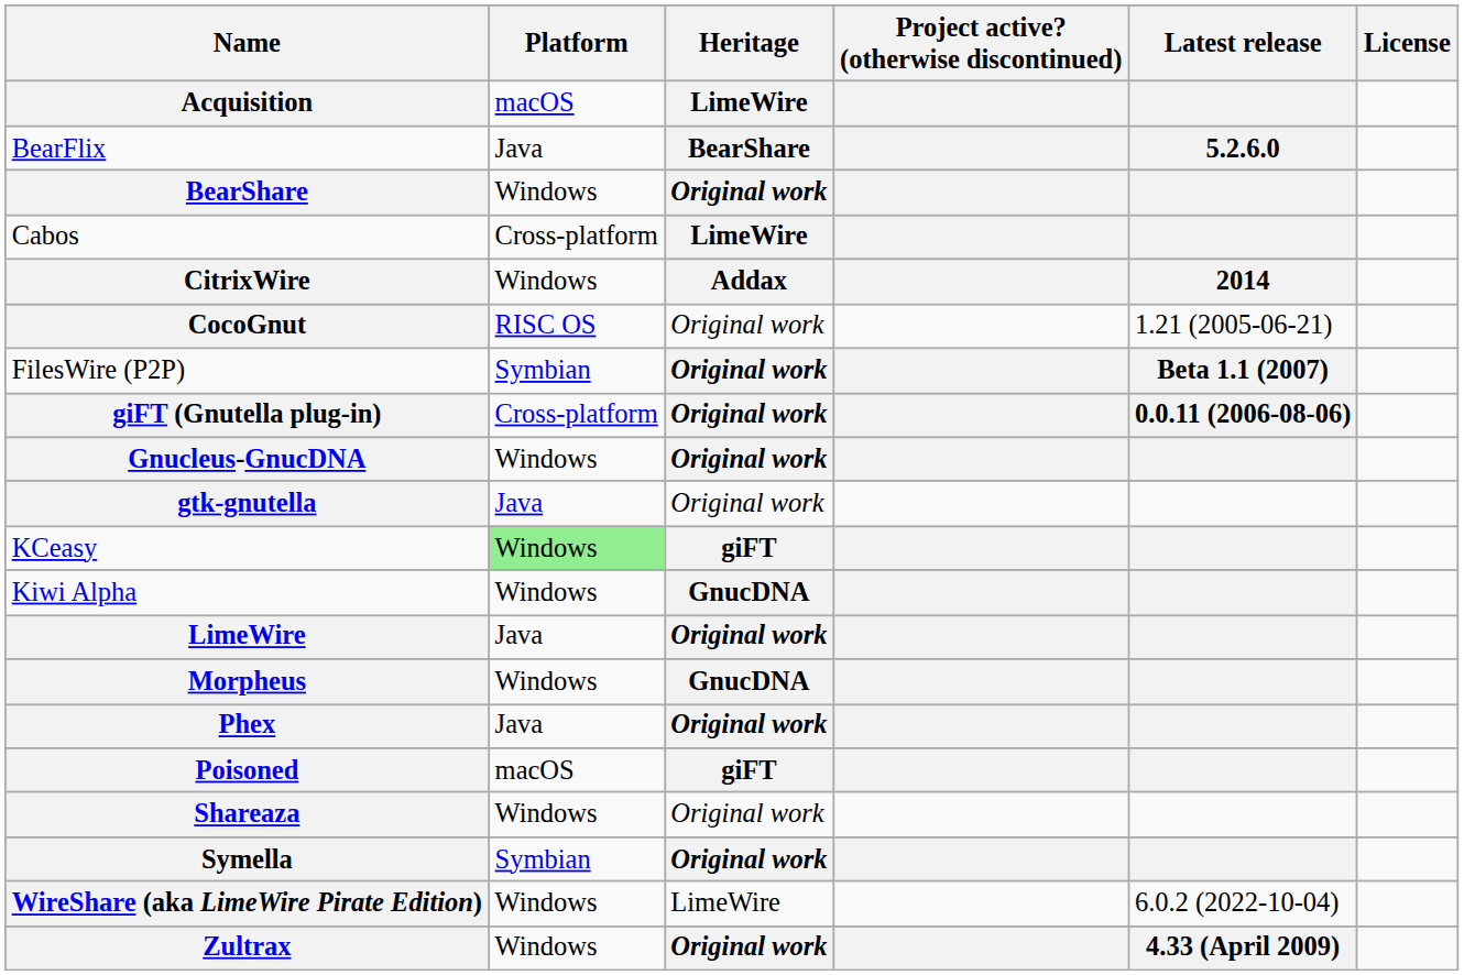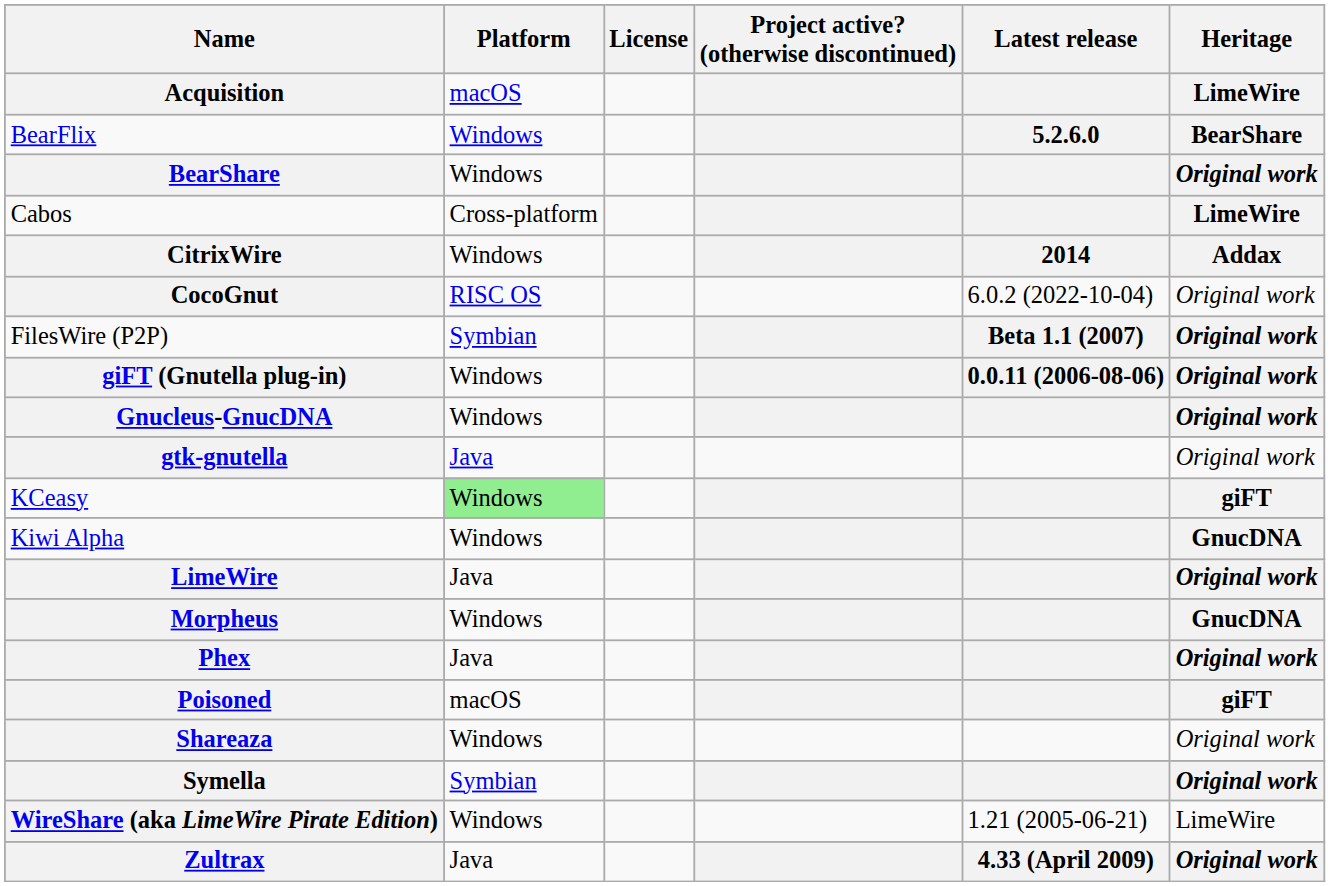 <table class="wikitable sortable plainrowheaders" style="font-size: 85%;">
 <tr>
 <th>Name</th>
 <th>Platform</th>
-<th>Heritage</th>
+<th>License</th>
 <th>Project active?<br>(otherwise discontinued)</th>
 <th>Latest release</th>
-<th>License</th>
+<th>Heritage</th>
 </tr>
 <tr>
 <th scope=row style="background:">Acquisition</th>
 <td><a href='#'>macOS</a></td>
-<th scope=row style="background:">LimeWire</th>
+<td></td>
 <th></th>
 <th scope=row style="background:"></th>
-<td></td>
+<th scope=row style="background:">LimeWire</th>
 </tr>
 <tr>
 <td scope=row style="background:"><a href='#'>BearFlix</a></td>
-<td>Java</td>
-<th scope=row style="background:">BearShare</th>
+<td><a href='#'>Windows</a></td>
+<td></td>
 <th></th>
 <th scope=row style="background:">5.2.6.0</th>
-<td></td>
+<th scope=row style="background:">BearShare</th>
 </tr>
 <tr>
 <th scope=row style="background:"><a href='#'>BearShare</a></th>
 <td>Windows</td>
-<th scope=row style="background:"><em>Original work</em></th>
+<td></td>
 <th></th>
 <th scope=row style="background:"></th>
-<td></td>
+<th scope=row style="background:"><em>Original work</em></th>
 </tr>
 <tr>
 <td scope=row style="background:">Cabos</td>
 <td>Cross-platform</td>
-<th scope=row style="background:">LimeWire</th>
+<td></td>
 <th></th>
 <th scope=row style="background:"></th>
-<td></td>
+<th scope=row style="background:">LimeWire</th>
 </tr>
 <tr>
 <th scope=row style="background:">CitrixWire</th>
 <td>Windows</td>
-<th scope=row style="background:">Addax</th>
+<td></td>
 <th></th>
 <th scope=row style="background:">2014</th>
-<td></td>
+<th scope=row style="background:">Addax</th>
 </tr>
 <tr>
 <th scope=row style="background:">CocoGnut</th>
 <td><a href='#'>RISC OS</a></td>
+<td></td>
+<td></td>
+<td>6.0.2 (2022-10-04)</td>
 <td scope=row style="background:"><em>Original work</em></td>
-<td></td>
-<td scope=row style="background:">1.21 (2005-06-21)</td>
-<td></td>
 </tr>
 <tr>
 <td scope=row style="background:">FilesWire (P2P)</td>
 <td><a href='#'>Symbian</a></td>
-<th scope=row style="background:"><em>Original work</em></th>
+<td></td>
 <th></th>
 <th scope=row style="background:">Beta 1.1 (2007)</th>
-<td></td>
+<th scope=row style="background:"><em>Original work</em></th>
 </tr>
 <tr>
 <th scope=row style="background:"><a href='#'>giFT</a> (Gnutella plug-in)</th>
-<td><a href='#'>Cross-platform</a></td>
-<th scope=row style="background:"><em>Original work</em></th>
+<td>Windows</td>
+<td></td>
 <th></th>
 <th scope=row style="background:">0.0.11 (2006-08-06) </th>
-<td></td>
+<th scope=row style="background:"><em>Original work</em></th>
 </tr>
 <tr>
 <th scope=row style="background:"><a href='#'>Gnucleus</a>-<a href='#'>GnucDNA</a></th>
 <td>Windows</td>
-<th scope=row style="background:"><em>Original work</em></th>
+<td></td>
 <th></th>
 <th scope=row style="background:"></th>
-<td></td>
+<th scope=row style="background:"><em>Original work</em></th>
 </tr>
 <tr>
 <th scope=row><a href='#'>gtk-gnutella</a></th>
 <td><a href='#'>Java</a></td>
-<td><em>Original work</em></td>
 <td></td>
 <td></td>
 <td></td>
+<td><em>Original work</em></td>
 </tr>
 <tr>
 <td scope=row style="background:"><a href='#'>KCeasy</a></td>
 <td style="background: lightgreen;">Windows</td>
-<th scope=row style="background:">giFT</th>
+<td></td>
 <th></th>
 <th scope=row style="background:"></th>
-<td></td>
+<th scope=row style="background:">giFT</th>
 </tr>
 <tr>
 <td scope=row style="background:"><a href='#'>Kiwi Alpha</a></td>
 <td>Windows</td>
-<th scope=row style="background:">GnucDNA</th>
+<td></td>
 <th></th>
 <th scope=row style="background:"></th>
-<td></td>
+<th scope=row style="background:">GnucDNA</th>
 </tr>
 <tr>
 <th scope=row style="background:"><a href='#'>LimeWire</a></th>
 <td>Java</td>
-<th scope=row style="background:"><em>Original work</em></th>
+<td></td>
 <th></th>
 <th scope=row style="background:"></th>
-<td></td>
+<th scope=row style="background:"><em>Original work</em></th>
 </tr>
 <tr>
 <th scope=row style="background:"><a href='#'>Morpheus</a></th>
 <td>Windows</td>
-<th scope=row style="background:">GnucDNA</th>
+<td></td>
 <th></th>
 <th scope=row style="background:"></th>
-<td></td>
+<th scope=row style="background:">GnucDNA</th>
 </tr>
 <tr>
 <th scope=row style="background:"><a href='#'>Phex</a></th>
 <td>Java</td>
-<th scope=row style="background:"><em>Original work</em></th>
+<td></td>
 <th></th>
 <th scope=row style="background:"></th>
-<td></td>
+<th scope=row style="background:"><em>Original work</em></th>
 </tr>
 <tr>
 <th scope=row style="background:"><a href='#'>Poisoned</a></th>
 <td>macOS</td>
-<th scope=row style="background:">giFT</th>
+<td></td>
 <th></th>
 <th scope=row style="background:"></th>
-<td></td>
+<th scope=row style="background:">giFT</th>
 </tr>
 <tr>
 <th scope=row><a href='#'>Shareaza</a></th>
 <td>Windows</td>
-<td><em>Original work</em></td>
 <td></td>
 <td></td>
 <td></td>
+<td><em>Original work</em></td>
 </tr>
 <tr>
 <th scope=row style="background:">Symella</th>
 <td><a href='#'>Symbian</a></td>
-<th scope=row style="background:"><em>Original work</em></th>
+<td></td>
 <th></th>
 <th scope=row style="background:"></th>
-<td></td>
+<th scope=row style="background:"><em>Original work</em></th>
 </tr>
 <tr>
 <th scope=row><a href='#'>WireShare</a> (aka <em>LimeWire Pirate Edition</em>)</th>
 <td>Windows</td>
+<td></td>
+<td></td>
+<td scope=row style="background:">1.21 (2005-06-21)</td>
 <td>LimeWire</td>
-<td></td>
-<td>6.0.2 (2022-10-04)</td>
-<td></td>
 </tr>
 <tr>
 <th scope=row style="background:"><a href='#'>Zultrax</a></th>
-<td>Windows</td>
-<th scope=row style="background:"><em>Original work</em></th>
+<td>Java</td>
+<td></td>
 <th></th>
 <th scope=row style="background:">4.33 (April 2009)</th>
-<td></td>
+<th scope=row style="background:"><em>Original work</em></th>
 </tr>
 </table>
